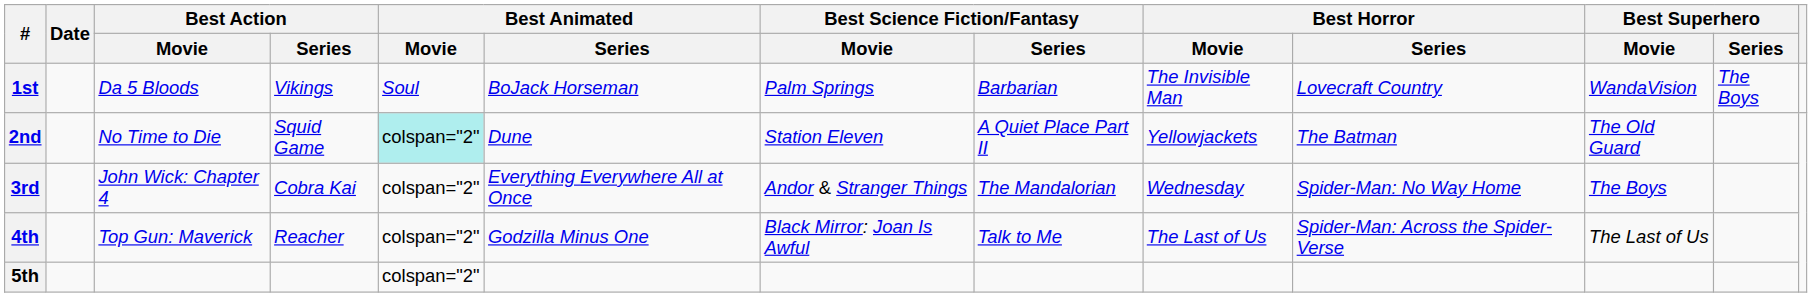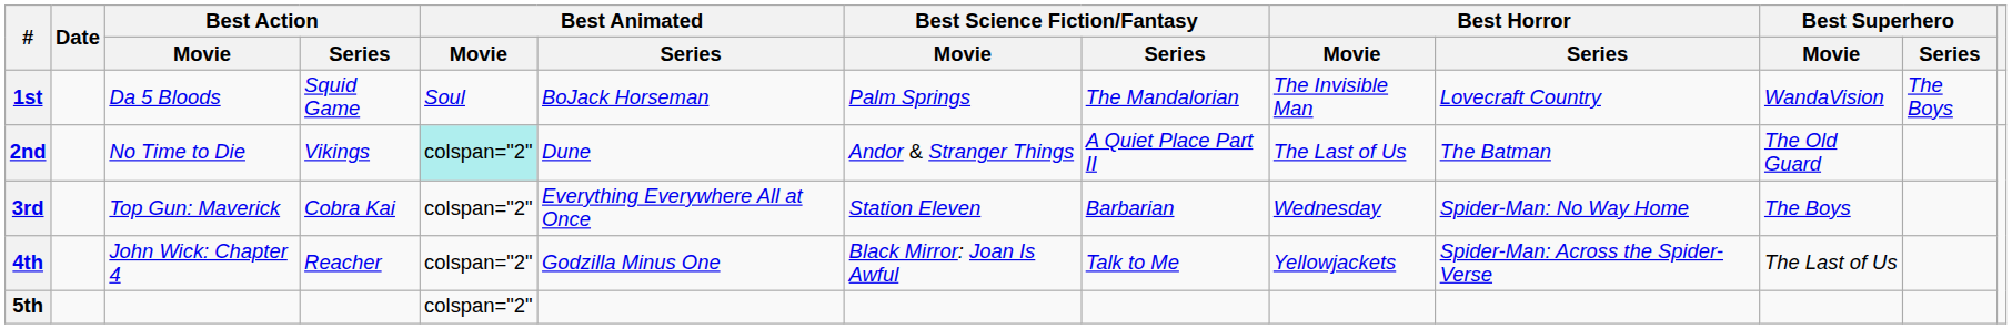 <table class="wikitable plainrowheaders">
 <tr>
 <th scope="col" rowspan="2">#</th>
 <th scope="col" rowspan="2">Date</th>
 <th scope="col" colspan="2">Best Action</th>
 <th scope="col" colspan="2">Best Animated</th>
 <th scope="col" colspan="2">Best Science Fiction/Fantasy</th>
 <th scope="col" colspan="2">Best Horror</th>
 <th scope="col" colspan="2">Best Superhero</th>
 <th scope="col" rowspan="2"></th>
 </tr>
 <tr>
 <th>Movie</th>
 <th>Series</th>
 <th>Movie</th>
 <th>Series</th>
 <th>Movie</th>
 <th>Series</th>
 <th>Movie</th>
 <th>Series</th>
 <th>Movie</th>
 <th>Series</th>
 </tr>
 <tr>
 <th scope="row"><a href='#'>1st</a></th>
 <td></td>
 <td><em><a href='#'>Da 5 Bloods</a></em></td>
-<td><em><a href='#'>Vikings</a></em></td>
+<td><em><a href='#'>Squid Game</a></em></td>
 <td><em><a href='#'>Soul</a></em></td>
 <td><em><a href='#'>BoJack Horseman</a></em></td>
 <td><em><a href='#'>Palm Springs</a></em></td>
-<td><em><a href='#'>Barbarian</a></em></td>
+<td><em><a href='#'>The Mandalorian</a></em></td>
 <td><em><a href='#'>The Invisible Man</a></em></td>
 <td><em><a href='#'>Lovecraft Country</a></em></td>
 <td><em><a href='#'>WandaVision</a></em></td>
 <td><em><a href='#'>The Boys</a></em></td>
 <td style="text-align:center;"></td>
 </tr>
 <tr>
 <th scope="row"><a href='#'>2nd</a></th>
 <td></td>
 <td><em><a href='#'>No Time to Die</a></em></td>
-<td><em><a href='#'>Squid Game</a></em></td>
+<td><em><a href='#'>Vikings</a></em></td>
 <td style="background: paleturquoise;">colspan="2"</td>
 <td><em><a href='#'>Dune</a></em></td>
-<td><em><a href='#'>Station Eleven</a></em></td>
+<td><em><a href='#'>Andor</a></em> & <em><a href='#'>Stranger Things</a></em></td>
 <td><em><a href='#'>A Quiet Place Part II</a></em></td>
-<td><em><a href='#'>Yellowjackets</a></em></td>
+<td><em><a href='#'>The Last of Us</a></em></td>
 <td><em><a href='#'>The Batman</a></em></td>
 <td><em><a href='#'>The Old Guard</a></em></td>
 <td style="text-align:center;"></td>
 </tr>
 <tr>
 <th scope="row"><a href='#'>3rd</a></th>
 <td></td>
-<td><em><a href='#'>John Wick: Chapter 4</a></em></td>
+<td><em><a href='#'>Top Gun: Maverick</a></em></td>
 <td><em><a href='#'>Cobra Kai</a></em></td>
 <td>colspan="2"</td>
 <td><em><a href='#'>Everything Everywhere All at Once</a></em></td>
-<td><em><a href='#'>Andor</a></em> & <em><a href='#'>Stranger Things</a></em></td>
-<td><em><a href='#'>The Mandalorian</a></em></td>
+<td><em><a href='#'>Station Eleven</a></em></td>
+<td><em><a href='#'>Barbarian</a></em></td>
 <td><em><a href='#'>Wednesday</a></em></td>
 <td><em><a href='#'>Spider-Man: No Way Home</a></em></td>
 <td><em><a href='#'>The Boys</a></em></td>
 <td style="text-align:center;"></td>
 </tr>
 <tr>
 <th scope="row"><a href='#'>4th</a></th>
 <td></td>
-<td><em><a href='#'>Top Gun: Maverick</a></em></td>
+<td><em><a href='#'>John Wick: Chapter 4</a></em></td>
 <td><em><a href='#'>Reacher</a></em></td>
 <td>colspan="2"</td>
 <td><em><a href='#'>Godzilla Minus One</a></em></td>
 <td><em><a href='#'>Black Mirror</a>: <a href='#'>Joan Is Awful</a></em></td>
 <td><em><a href='#'>Talk to Me</a></em></td>
-<td><em><a href='#'>The Last of Us</a></em></td>
+<td><em><a href='#'>Yellowjackets</a></em></td>
 <td><em><a href='#'>Spider-Man: Across the Spider-Verse</a></em></td>
 <td><em>The Last of Us</em></td>
 <td style="text-align:center;"></td>
 </tr>
 <tr>
 <th scope="row">5th</th>
 <td></td>
 <td></td>
 <td></td>
 <td>colspan="2"</td>
 <td></td>
 <td></td>
 <td></td>
 <td></td>
 <td></td>
 <td></td>
 <td></td>
 </tr>
 </table>
